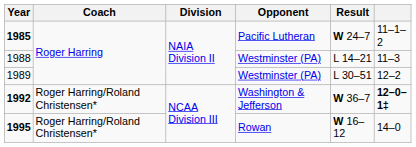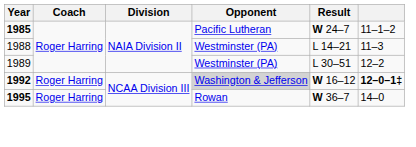 <table class="wikitable">
 <tr>
 <th width=px>Year</th>
 <th width=px>Coach</th>
 <th width=px>Division</th>
 <th width=px>Opponent</th>
 <th width=px>Result</th>
 <th width=px></th>
 </tr>
 <tr>
 <td><strong>1985</strong></td>
 <td rowspan="3"><a href='#'>Roger Harring</a></td>
 <td rowspan="3"><a href='#'>NAIA Division II</a></td>
 <td><a href='#'>Pacific Lutheran</a></td>
 <td><strong>W</strong> 24–7</td>
 <td>11–1–2</td>
 </tr>
 <tr>
 <td>1988</td>
 <td><a href='#'>Westminster (PA)</a></td>
 <td>L 14–21</td>
 <td>11–3</td>
 </tr>
 <tr>
 <td>1989</td>
 <td><a href='#'>Westminster (PA)</a></td>
 <td>L 30–51</td>
 <td>12–2</td>
 </tr>
 <tr>
 <td><strong>1992</strong></td>
-<td>Roger Harring/Roland Christensen*</td>
+<td><a href='#'>Roger Harring</a></td>
 <td rowspan="2"><a href='#'>NCAA Division III</a></td>
-<td><a href='#'>Washington & Jefferson</a></td>
-<td><strong>W</strong> 36–7</td>
+<td style="background: lightgrey;"><a href='#'>Washington & Jefferson</a></td>
+<td><strong>W</strong> 16–12</td>
 <td><strong>12–0–1‡</strong></td>
 </tr>
 <tr>
 <td><strong>1995</strong></td>
-<td>Roger Harring/Roland Christensen*</td>
+<td><a href='#'>Roger Harring</a></td>
 <td><a href='#'>Rowan</a></td>
-<td><strong>W</strong> 16–12</td>
+<td><strong>W</strong> 36–7</td>
 <td>14–0</td>
 </tr>
 </table>
